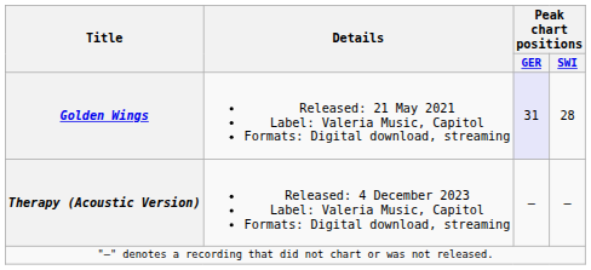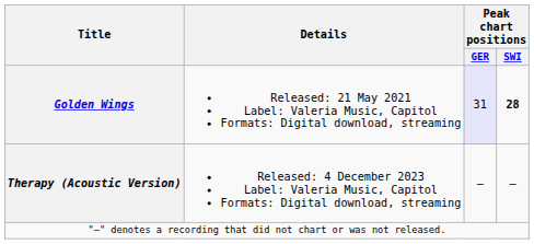 <table class="wikitable plainrowheaders" style="text-align:center;">
 <tr>
 <th scope="col" rowspan="2">Title</th>
 <th scope="col" rowspan="2">Details</th>
 <th scope="col" colspan="2">Peak chart positions</th>
 </tr>
 <tr>
 <th scope="col" style="width:2.5em;font-size:90%;"><a href='#'>GER</a><br></th>
 <th scope="col" style="width:2.5em;font-size:90%;"><a href='#'>SWI</a><br></th>
 </tr>
 <tr>
 <th scope="row"><em><a href='#'>Golden Wings</a></em></th>
 <td><br><ul><li>Released: 21 May 2021</li><li>Label: Valeria Music, Capitol</li><li>Formats: Digital download, streaming</li></ul></td>
 <td style="background: lavender;">31</td>
-<td>28</td>
+<td><strong>28</strong></td>
 </tr>
 <tr>
 <th scope="row"><em>Therapy (Acoustic Version)</em></th>
 <td><br><ul><li>Released: 4 December 2023</li><li>Label: Valeria Music, Capitol</li><li>Formats: Digital download, streaming</li></ul></td>
 <td>—</td>
 <td>—</td>
 </tr>
 <tr>
 <td colspan="9" style="font-size:85%">"—" denotes a recording that did not chart or was not released.</td>
 </tr>
 </table>
